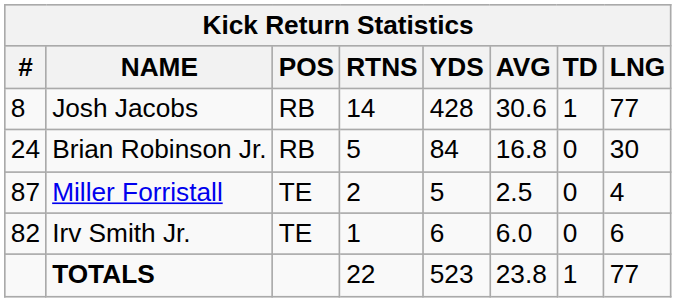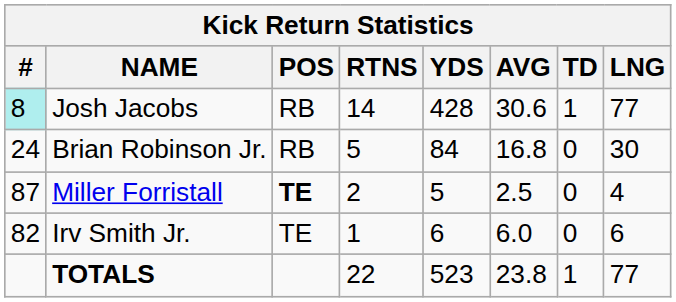 <table class="wikitable sortable collapsible collapsed">
 <tr>
 <th colspan="8">Kick Return Statistics</th>
 </tr>
 <tr>
 <th>#</th>
 <th>NAME</th>
 <th>POS</th>
 <th>RTNS</th>
 <th>YDS</th>
 <th>AVG</th>
 <th>TD</th>
 <th>LNG</th>
 </tr>
 <tr>
-<td>8</td>
+<td style="background: paleturquoise;">8</td>
 <td>Josh Jacobs</td>
 <td>RB</td>
 <td>14</td>
 <td>428</td>
 <td>30.6</td>
 <td>1</td>
 <td>77</td>
 </tr>
 <tr>
 <td>24</td>
 <td>Brian Robinson Jr.</td>
 <td>RB</td>
 <td>5</td>
 <td>84</td>
 <td>16.8</td>
 <td>0</td>
 <td>30</td>
 </tr>
 <tr>
 <td>87</td>
 <td><a href='#'>Miller Forristall</a></td>
-<td>TE</td>
+<td><strong>TE</strong></td>
 <td>2</td>
 <td>5</td>
 <td>2.5</td>
 <td>0</td>
 <td>4</td>
 </tr>
 <tr>
 <td>82</td>
 <td>Irv Smith Jr.</td>
 <td>TE</td>
 <td>1</td>
 <td>6</td>
 <td>6.0</td>
 <td>0</td>
 <td>6</td>
 </tr>
 <tr>
 <td></td>
 <td><strong>TOTALS</strong></td>
 <td></td>
 <td>22</td>
 <td>523</td>
 <td>23.8</td>
 <td>1</td>
 <td>77</td>
 </tr>
 </table>
